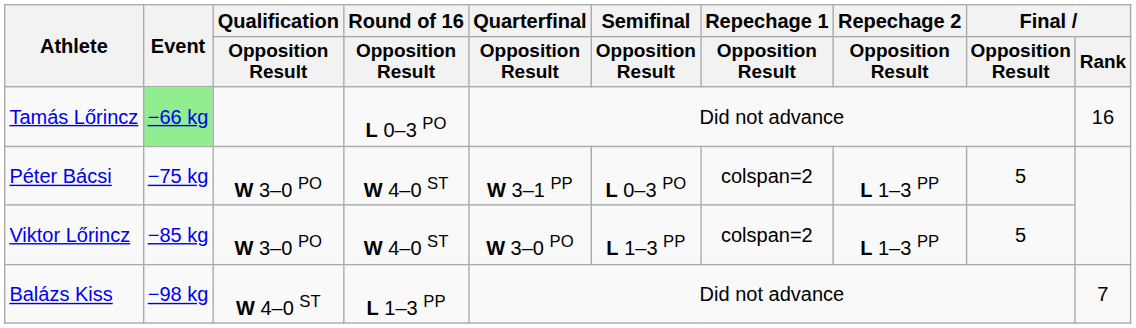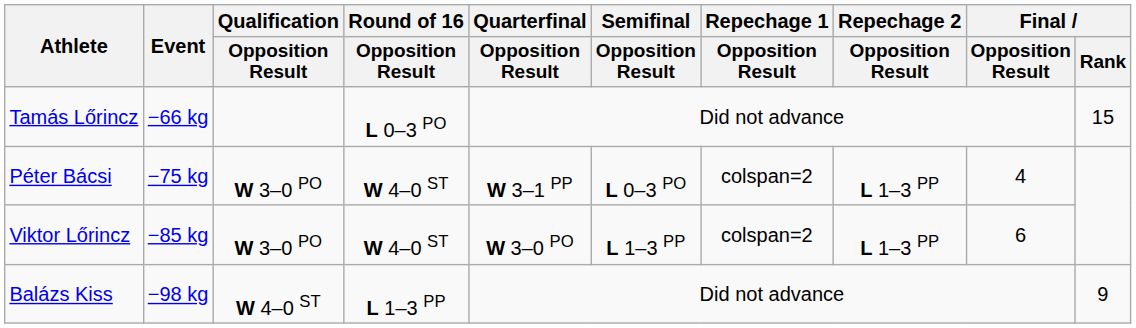 <table class="wikitable" style="font-size:90%">
 <tr>
 <th rowspan=2>Athlete</th>
 <th rowspan=2>Event</th>
 <th>Qualification</th>
 <th>Round of 16</th>
 <th>Quarterfinal</th>
 <th>Semifinal</th>
 <th>Repechage 1</th>
 <th>Repechage 2</th>
 <th colspan=2>Final / </th>
 </tr>
 <tr style="font-size: 95%">
 <th>Opposition<br>Result</th>
 <th>Opposition<br>Result</th>
 <th>Opposition<br>Result</th>
 <th>Opposition<br>Result</th>
 <th>Opposition<br>Result</th>
 <th>Opposition<br>Result</th>
 <th>Opposition<br>Result</th>
 <th>Rank</th>
 </tr>
 <tr align=center>
 <td align=left><a href='#'>Tamás Lőrincz</a></td>
-<td align=left style="background: lightgreen;"><a href='#'>−66 kg</a></td>
+<td align=left><a href='#'>−66 kg</a></td>
 <td></td>
 <td><br><strong>L</strong> 0–3 <sup>PO</sup></td>
 <td colspan=5>Did not advance</td>
-<td>16</td>
+<td>15</td>
 </tr>
 <tr align=center>
 <td align=left><a href='#'>Péter Bácsi</a></td>
 <td align=left><a href='#'>−75 kg</a></td>
 <td><br><strong>W</strong> 3–0 <sup>PO</sup></td>
 <td><br><strong>W</strong> 4–0 <sup>ST</sup></td>
 <td><br><strong>W</strong> 3–1 <sup>PP</sup></td>
 <td><br><strong>L</strong> 0–3 <sup>PO</sup></td>
 <td>colspan=2 </td>
 <td><br><strong>L</strong> 1–3 <sup>PP</sup></td>
-<td>5</td>
+<td>4</td>
 </tr>
 <tr align=center>
 <td align=left><a href='#'>Viktor Lőrincz</a></td>
 <td align=left><a href='#'>−85 kg</a></td>
 <td><br><strong>W</strong> 3–0 <sup>PO</sup></td>
 <td><br><strong>W</strong> 4–0 <sup>ST</sup></td>
 <td><br><strong>W</strong> 3–0 <sup>PO</sup></td>
 <td><br><strong>L</strong> 1–3 <sup>PP</sup></td>
 <td>colspan=2 </td>
 <td><br><strong>L</strong> 1–3 <sup>PP</sup></td>
-<td>5</td>
+<td>6</td>
 </tr>
 <tr align=center>
 <td align=left><a href='#'>Balázs Kiss</a></td>
 <td align=left><a href='#'>−98 kg</a></td>
 <td><br><strong>W</strong> 4–0 <sup>ST</sup></td>
 <td><br><strong>L</strong> 1–3 <sup>PP</sup></td>
 <td colspan=5>Did not advance</td>
-<td>7</td>
+<td>9</td>
 </tr>
 </table>
